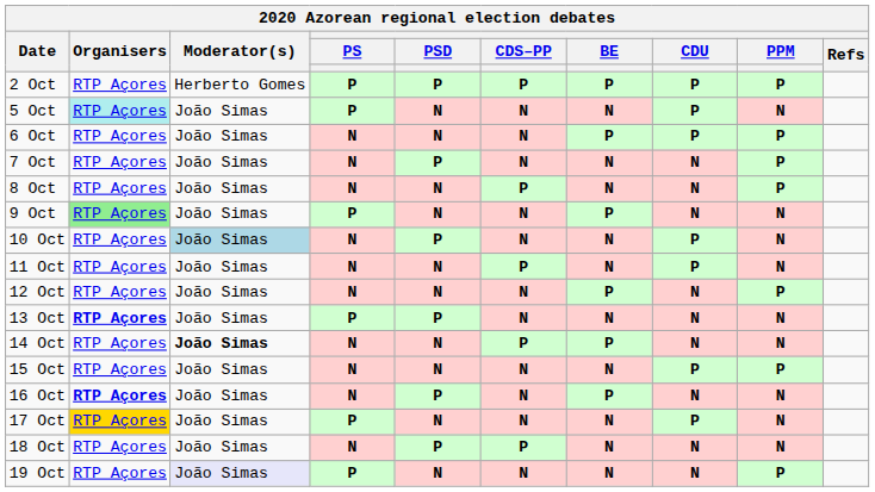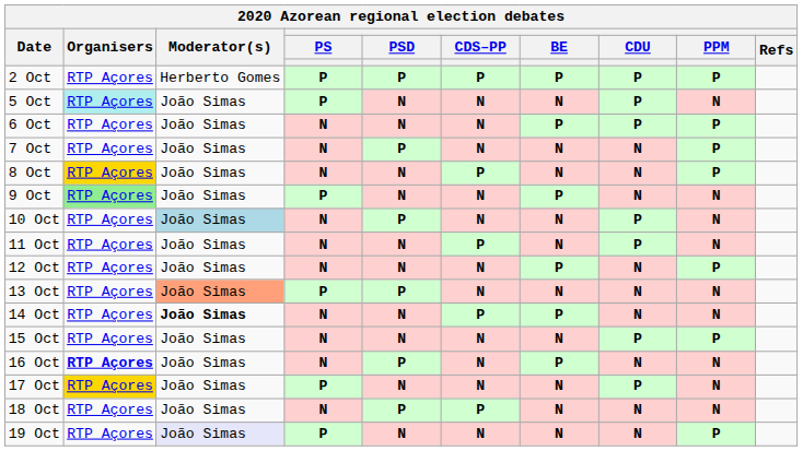 <table class="wikitable" style="font-size:98%; text-align:center;">
 <tr>
 <th colspan="22">2020 Azorean regional election debates</th>
 </tr>
 <tr>
 <th rowspan="3">Date</th>
 <th rowspan="3">Organisers</th>
 <th rowspan="3">Moderator(s)</th>
 <th colspan="19">      </th>
 </tr>
 <tr>
 <th scope="col" style="width:5em;"><a href='#'>PS</a><br></th>
 <th scope="col" style="width:5em;"><a href='#'>PSD</a><br></th>
 <th scope="col" style="width:5em;"><a href='#'>CDS–PP</a><br></th>
 <th scope="col" style="width:5em;"><a href='#'>BE</a><br></th>
 <th scope="col" style="width:5em;"><a href='#'>CDU</a><br></th>
 <th scope="col" style="width:5em;"><a href='#'>PPM</a><br></th>
 <th rowspan="2">Refs</th>
 </tr>
 <tr>
 <th style="color:inherit;background:"></th>
 <th style="color:inherit;background:"></th>
 <th style="color:inherit;background:"></th>
 <th style="color:inherit;background:"></th>
 <th style="color:inherit;background:"></th>
 <th style="color:inherit;background:"></th>
 </tr>
 <tr>
 <td style="white-space:nowrap; text-align:left;">2 Oct</td>
 <td style="white-space:nowrap; text-align:left;"><a href='#'>RTP Açores</a></td>
 <td style="white-space:nowrap; text-align:left;">Herberto Gomes</td>
 <td style="background:#D0FFD0;"><strong>P</strong></td>
 <td style="background:#D0FFD0;"><strong>P</strong></td>
 <td style="background:#D0FFD0;"><strong>P</strong></td>
 <td style="background:#D0FFD0;"><strong>P</strong></td>
 <td style="background:#D0FFD0;"><strong>P</strong></td>
 <td style="background:#D0FFD0;"><strong>P</strong></td>
 <td></td>
 </tr>
 <tr>
 <td style="white-space:nowrap; text-align:left;">5 Oct</td>
 <td style="background: paleturquoise; white-space:nowrap; text-align:left;"><a href='#'>RTP Açores</a></td>
 <td style="white-space:nowrap; text-align:left;">João Simas</td>
 <td style="background:#D0FFD0;"><strong>P</strong></td>
 <td style="background:#FFD0D0;"><strong>N</strong></td>
 <td style="background:#FFD0D0;"><strong>N</strong></td>
 <td style="background:#FFD0D0;"><strong>N</strong></td>
 <td style="background:#D0FFD0;"><strong>P</strong></td>
 <td style="background:#FFD0D0;"><strong>N</strong></td>
 <td></td>
 </tr>
 <tr>
 <td style="white-space:nowrap; text-align:left;">6 Oct</td>
 <td style="white-space:nowrap; text-align:left;"><a href='#'>RTP Açores</a></td>
 <td style="white-space:nowrap; text-align:left;">João Simas</td>
 <td style="background:#FFD0D0;"><strong>N</strong></td>
 <td style="background:#FFD0D0;"><strong>N</strong></td>
 <td style="background:#FFD0D0;"><strong>N</strong></td>
 <td style="background:#D0FFD0;"><strong>P</strong></td>
 <td style="background:#D0FFD0;"><strong>P</strong></td>
 <td style="background:#D0FFD0;"><strong>P</strong></td>
 <td></td>
 </tr>
 <tr>
 <td style="white-space:nowrap; text-align:left;">7 Oct</td>
 <td style="white-space:nowrap; text-align:left;"><a href='#'>RTP Açores</a></td>
 <td style="white-space:nowrap; text-align:left;">João Simas</td>
 <td style="background:#FFD0D0;"><strong>N</strong></td>
 <td style="background:#D0FFD0;"><strong>P</strong></td>
 <td style="background:#FFD0D0;"><strong>N</strong></td>
 <td style="background:#FFD0D0;"><strong>N</strong></td>
 <td style="background:#FFD0D0;"><strong>N</strong></td>
 <td style="background:#D0FFD0;"><strong>P</strong></td>
 <td></td>
 </tr>
 <tr>
 <td style="white-space:nowrap; text-align:left;">8 Oct</td>
-<td style="white-space:nowrap; text-align:left;"><a href='#'>RTP Açores</a></td>
+<td style="background: gold; white-space:nowrap; text-align:left;"><a href='#'>RTP Açores</a></td>
 <td style="white-space:nowrap; text-align:left;">João Simas</td>
 <td style="background:#FFD0D0;"><strong>N</strong></td>
 <td style="background:#FFD0D0;"><strong>N</strong></td>
 <td style="background:#D0FFD0;"><strong>P</strong></td>
 <td style="background:#FFD0D0;"><strong>N</strong></td>
 <td style="background:#FFD0D0;"><strong>N</strong></td>
 <td style="background:#D0FFD0;"><strong>P</strong></td>
 <td></td>
 </tr>
 <tr>
 <td style="white-space:nowrap; text-align:left;">9 Oct</td>
 <td style="background: lightgreen; white-space:nowrap; text-align:left;"><a href='#'>RTP Açores</a></td>
 <td style="white-space:nowrap; text-align:left;">João Simas</td>
 <td style="background:#D0FFD0;"><strong>P</strong></td>
 <td style="background:#FFD0D0;"><strong>N</strong></td>
 <td style="background:#FFD0D0;"><strong>N</strong></td>
 <td style="background:#D0FFD0;"><strong>P</strong></td>
 <td style="background:#FFD0D0;"><strong>N</strong></td>
 <td style="background:#FFD0D0;"><strong>N</strong></td>
 <td></td>
 </tr>
 <tr>
 <td style="white-space:nowrap; text-align:left;">10 Oct</td>
 <td style="white-space:nowrap; text-align:left;"><a href='#'>RTP Açores</a></td>
 <td style="background: lightblue; white-space:nowrap; text-align:left;">João Simas</td>
 <td style="background:#FFD0D0;"><strong>N</strong></td>
 <td style="background:#D0FFD0;"><strong>P</strong></td>
 <td style="background:#FFD0D0;"><strong>N</strong></td>
 <td style="background:#FFD0D0;"><strong>N</strong></td>
 <td style="background:#D0FFD0;"><strong>P</strong></td>
 <td style="background:#FFD0D0;"><strong>N</strong></td>
 <td></td>
 </tr>
 <tr>
 <td style="white-space:nowrap; text-align:left;">11 Oct</td>
 <td style="white-space:nowrap; text-align:left;"><a href='#'>RTP Açores</a></td>
 <td style="white-space:nowrap; text-align:left;">João Simas</td>
 <td style="background:#FFD0D0;"><strong>N</strong></td>
 <td style="background:#FFD0D0;"><strong>N</strong></td>
 <td style="background:#D0FFD0;"><strong>P</strong></td>
 <td style="background:#FFD0D0;"><strong>N</strong></td>
 <td style="background:#D0FFD0;"><strong>P</strong></td>
 <td style="background:#FFD0D0;"><strong>N</strong></td>
 <td></td>
 </tr>
 <tr>
 <td style="white-space:nowrap; text-align:left;">12 Oct</td>
 <td style="white-space:nowrap; text-align:left;"><a href='#'>RTP Açores</a></td>
 <td style="white-space:nowrap; text-align:left;">João Simas</td>
 <td style="background:#FFD0D0;"><strong>N</strong></td>
 <td style="background:#FFD0D0;"><strong>N</strong></td>
 <td style="background:#FFD0D0;"><strong>N</strong></td>
 <td style="background:#D0FFD0;"><strong>P</strong></td>
 <td style="background:#FFD0D0;"><strong>N</strong></td>
 <td style="background:#D0FFD0;"><strong>P</strong></td>
 <td></td>
 </tr>
 <tr>
 <td style="white-space:nowrap; text-align:left;">13 Oct</td>
-<td style="white-space:nowrap; text-align:left;"><strong><a href='#'>RTP Açores</a></strong></td>
-<td style="white-space:nowrap; text-align:left;">João Simas</td>
+<td style="white-space:nowrap; text-align:left;"><a href='#'>RTP Açores</a></td>
+<td style="background: lightsalmon; white-space:nowrap; text-align:left;">João Simas</td>
 <td style="background:#D0FFD0;"><strong>P</strong></td>
 <td style="background:#D0FFD0;"><strong>P</strong></td>
 <td style="background:#FFD0D0;"><strong>N</strong></td>
 <td style="background:#FFD0D0;"><strong>N</strong></td>
 <td style="background:#FFD0D0;"><strong>N</strong></td>
 <td style="background:#FFD0D0;"><strong>N</strong></td>
 <td></td>
 </tr>
 <tr>
 <td style="white-space:nowrap; text-align:left;">14 Oct</td>
 <td style="white-space:nowrap; text-align:left;"><a href='#'>RTP Açores</a></td>
 <td style="white-space:nowrap; text-align:left;"><strong>João Simas</strong></td>
 <td style="background:#FFD0D0;"><strong>N</strong></td>
 <td style="background:#FFD0D0;"><strong>N</strong></td>
 <td style="background:#D0FFD0;"><strong>P</strong></td>
 <td style="background:#D0FFD0;"><strong>P</strong></td>
 <td style="background:#FFD0D0;"><strong>N</strong></td>
 <td style="background:#FFD0D0;"><strong>N</strong></td>
 <td></td>
 </tr>
 <tr>
 <td style="white-space:nowrap; text-align:left;">15 Oct</td>
 <td style="white-space:nowrap; text-align:left;"><a href='#'>RTP Açores</a></td>
 <td style="white-space:nowrap; text-align:left;">João Simas</td>
 <td style="background:#FFD0D0;"><strong>N</strong></td>
 <td style="background:#FFD0D0;"><strong>N</strong></td>
 <td style="background:#FFD0D0;"><strong>N</strong></td>
 <td style="background:#FFD0D0;"><strong>N</strong></td>
 <td style="background:#D0FFD0;"><strong>P</strong></td>
 <td style="background:#D0FFD0;"><strong>P</strong></td>
 <td></td>
 </tr>
 <tr>
 <td style="white-space:nowrap; text-align:left;">16 Oct</td>
 <td style="white-space:nowrap; text-align:left;"><strong><a href='#'>RTP Açores</a></strong></td>
 <td style="white-space:nowrap; text-align:left;">João Simas</td>
 <td style="background:#FFD0D0;"><strong>N</strong></td>
 <td style="background:#D0FFD0;"><strong>P</strong></td>
 <td style="background:#FFD0D0;"><strong>N</strong></td>
 <td style="background:#D0FFD0;"><strong>P</strong></td>
 <td style="background:#FFD0D0;"><strong>N</strong></td>
 <td style="background:#FFD0D0;"><strong>N</strong></td>
 <td></td>
 </tr>
 <tr>
 <td style="white-space:nowrap; text-align:left;">17 Oct</td>
 <td style="background: gold; white-space:nowrap; text-align:left;"><a href='#'>RTP Açores</a></td>
 <td style="white-space:nowrap; text-align:left;">João Simas</td>
 <td style="background:#D0FFD0;"><strong>P</strong></td>
 <td style="background:#FFD0D0;"><strong>N</strong></td>
 <td style="background:#FFD0D0;"><strong>N</strong></td>
 <td style="background:#FFD0D0;"><strong>N</strong></td>
 <td style="background:#D0FFD0;"><strong>P</strong></td>
 <td style="background:#FFD0D0;"><strong>N</strong></td>
 <td></td>
 </tr>
 <tr>
 <td style="white-space:nowrap; text-align:left;">18 Oct</td>
 <td style="white-space:nowrap; text-align:left;"><a href='#'>RTP Açores</a></td>
 <td style="white-space:nowrap; text-align:left;">João Simas</td>
 <td style="background:#FFD0D0;"><strong>N</strong></td>
 <td style="background:#D0FFD0;"><strong>P</strong></td>
 <td style="background:#D0FFD0;"><strong>P</strong></td>
 <td style="background:#FFD0D0;"><strong>N</strong></td>
 <td style="background:#FFD0D0;"><strong>N</strong></td>
 <td style="background:#FFD0D0;"><strong>N</strong></td>
 <td></td>
 </tr>
 <tr>
 <td style="white-space:nowrap; text-align:left;">19 Oct</td>
 <td style="white-space:nowrap; text-align:left;"><a href='#'>RTP Açores</a></td>
 <td style="background: lavender; white-space:nowrap; text-align:left;">João Simas</td>
 <td style="background:#D0FFD0;"><strong>P</strong></td>
 <td style="background:#FFD0D0;"><strong>N</strong></td>
 <td style="background:#FFD0D0;"><strong>N</strong></td>
 <td style="background:#FFD0D0;"><strong>N</strong></td>
 <td style="background:#FFD0D0;"><strong>N</strong></td>
 <td style="background:#D0FFD0;"><strong>P</strong></td>
 <td></td>
 </tr>
 </table>
